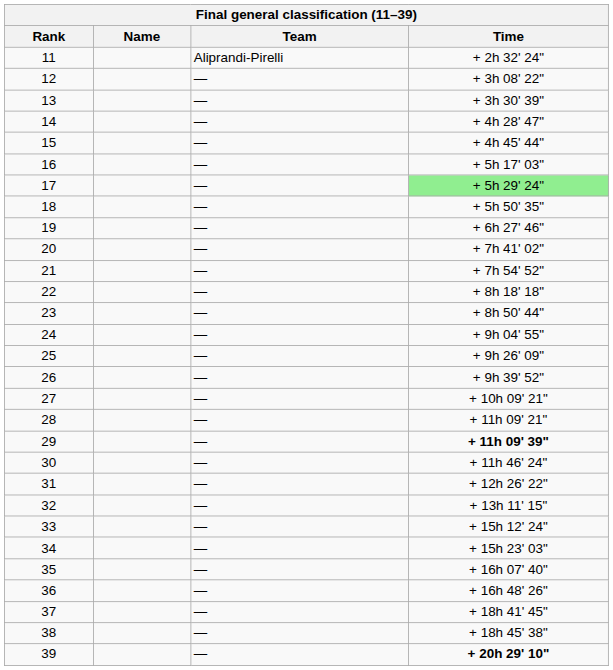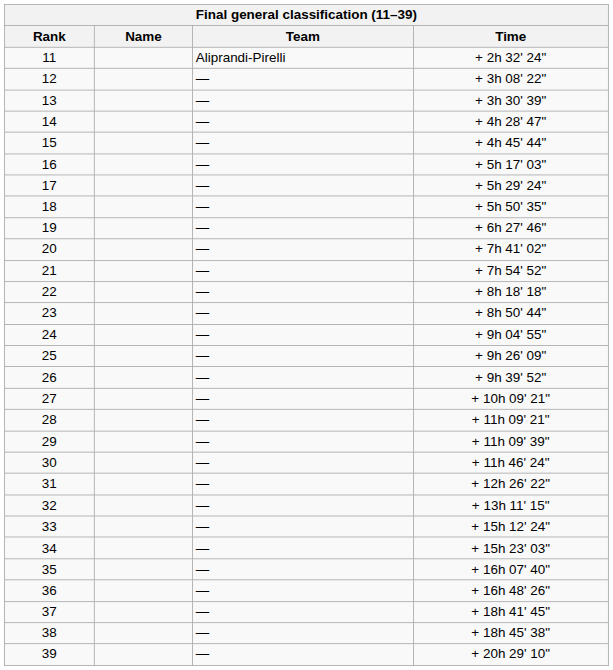 <table class="collapsible collapsed wikitable" style="width:45em;margin-top:0;">
 <tr>
 <th colspan=4>Final general classification (11–39)</th>
 </tr>
 <tr>
 <th>Rank</th>
 <th>Name</th>
 <th>Team</th>
 <th>Time</th>
 </tr>
 <tr>
 <td style="text-align:center;">11</td>
 <td></td>
 <td>Aliprandi-Pirelli</td>
 <td align=center>+ 2h 32' 24"</td>
 </tr>
 <tr>
 <td style="text-align:center;">12</td>
 <td></td>
 <td>—</td>
 <td align=center>+ 3h 08' 22"</td>
 </tr>
 <tr>
 <td style="text-align:center;">13</td>
 <td></td>
 <td>—</td>
 <td align=center>+ 3h 30' 39"</td>
 </tr>
 <tr>
 <td style="text-align:center;">14</td>
 <td></td>
 <td>—</td>
 <td align=center>+ 4h 28' 47"</td>
 </tr>
 <tr>
 <td style="text-align:center;">15</td>
 <td></td>
 <td>—</td>
 <td align=center>+ 4h 45' 44"</td>
 </tr>
 <tr>
 <td style="text-align:center;">16</td>
 <td></td>
 <td>—</td>
 <td align=center>+ 5h 17' 03"</td>
 </tr>
 <tr>
 <td style="text-align:center;">17</td>
 <td></td>
 <td>—</td>
-<td align=center style="background: lightgreen;">+ 5h 29' 24"</td>
+<td align=center>+ 5h 29' 24"</td>
 </tr>
 <tr>
 <td style="text-align:center;">18</td>
 <td></td>
 <td>—</td>
 <td align=center>+ 5h 50' 35"</td>
 </tr>
 <tr>
 <td style="text-align:center;">19</td>
 <td></td>
 <td>—</td>
 <td align=center>+ 6h 27' 46"</td>
 </tr>
 <tr>
 <td style="text-align:center;">20</td>
 <td></td>
 <td>—</td>
 <td align=center>+ 7h 41' 02"</td>
 </tr>
 <tr>
 <td style="text-align:center;">21</td>
 <td></td>
 <td>—</td>
 <td align=center>+ 7h 54' 52"</td>
 </tr>
 <tr>
 <td style="text-align:center;">22</td>
 <td></td>
 <td>—</td>
 <td align=center>+ 8h 18' 18"</td>
 </tr>
 <tr>
 <td style="text-align:center;">23</td>
 <td></td>
 <td>—</td>
 <td align=center>+ 8h 50' 44"</td>
 </tr>
 <tr>
 <td style="text-align:center;">24</td>
 <td></td>
 <td>—</td>
 <td align=center>+ 9h 04' 55"</td>
 </tr>
 <tr>
 <td style="text-align:center;">25</td>
 <td></td>
 <td>—</td>
 <td align=center>+ 9h 26' 09"</td>
 </tr>
 <tr>
 <td style="text-align:center;">26</td>
 <td></td>
 <td>—</td>
 <td align=center>+ 9h 39' 52"</td>
 </tr>
 <tr>
 <td style="text-align:center;">27</td>
 <td></td>
 <td>—</td>
 <td align=center>+ 10h 09' 21"</td>
 </tr>
 <tr>
 <td style="text-align:center;">28</td>
 <td></td>
 <td>—</td>
 <td align=center>+ 11h 09' 21"</td>
 </tr>
 <tr>
 <td style="text-align:center;">29</td>
 <td></td>
 <td>—</td>
-<td align=center><strong>+ 11h 09' 39"</strong></td>
+<td align=center>+ 11h 09' 39"</td>
 </tr>
 <tr>
 <td style="text-align:center;">30</td>
 <td></td>
 <td>—</td>
 <td align=center>+ 11h 46' 24"</td>
 </tr>
 <tr>
 <td style="text-align:center;">31</td>
 <td></td>
 <td>—</td>
 <td align=center>+ 12h 26' 22"</td>
 </tr>
 <tr>
 <td style="text-align:center;">32</td>
 <td></td>
 <td>—</td>
 <td align=center>+ 13h 11' 15"</td>
 </tr>
 <tr>
 <td style="text-align:center;">33</td>
 <td></td>
 <td>—</td>
 <td align=center>+ 15h 12' 24"</td>
 </tr>
 <tr>
 <td style="text-align:center;">34</td>
 <td></td>
 <td>—</td>
 <td align=center>+ 15h 23' 03"</td>
 </tr>
 <tr>
 <td style="text-align:center;">35</td>
 <td></td>
 <td>—</td>
 <td align=center>+ 16h 07' 40"</td>
 </tr>
 <tr>
 <td style="text-align:center;">36</td>
 <td></td>
 <td>—</td>
 <td align=center>+ 16h 48' 26"</td>
 </tr>
 <tr>
 <td style="text-align:center;">37</td>
 <td></td>
 <td>—</td>
 <td align=center>+ 18h 41' 45"</td>
 </tr>
 <tr>
 <td style="text-align:center;">38</td>
 <td></td>
 <td>—</td>
 <td align=center>+ 18h 45' 38"</td>
 </tr>
 <tr>
 <td style="text-align:center;">39</td>
 <td></td>
 <td>—</td>
-<td align=center><strong>+ 20h 29' 10"</strong></td>
+<td align=center>+ 20h 29' 10"</td>
 </tr>
 </table>
